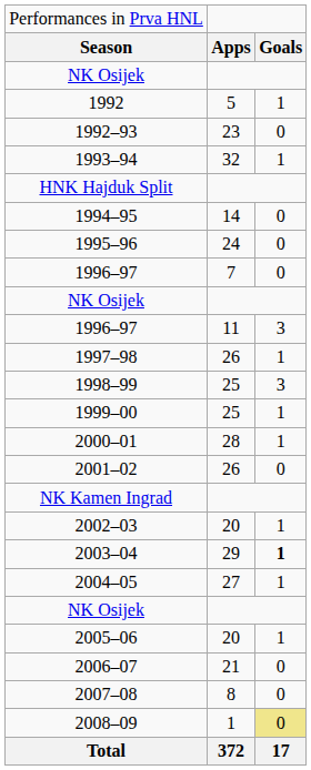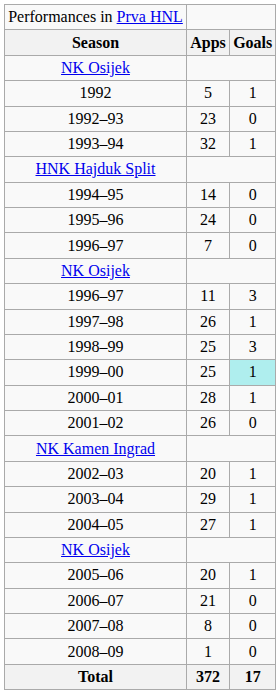 <table class="wikitable" style="text-align:center">
 <tr>
 <td>Performances in <a href='#'>Prva HNL</a></td>
 </tr>
 <tr>
 <th>Season</th>
 <th>Apps</th>
 <th>Goals</th>
 </tr>
 <tr>
 <td><a href='#'>NK Osijek</a></td>
 </tr>
 <tr>
 <td>1992</td>
 <td>5</td>
 <td>1</td>
 </tr>
 <tr>
 <td>1992–93</td>
 <td>23</td>
 <td>0</td>
 </tr>
 <tr>
 <td>1993–94</td>
 <td>32</td>
 <td>1</td>
 </tr>
 <tr>
 <td><a href='#'>HNK Hajduk Split</a></td>
 </tr>
 <tr>
 <td>1994–95</td>
 <td>14</td>
 <td>0</td>
 </tr>
 <tr>
 <td>1995–96</td>
 <td>24</td>
 <td>0</td>
 </tr>
 <tr>
 <td>1996–97</td>
 <td>7</td>
 <td>0</td>
 </tr>
 <tr>
 <td><a href='#'>NK Osijek</a></td>
 </tr>
 <tr>
 <td>1996–97</td>
 <td>11</td>
 <td>3</td>
 </tr>
 <tr>
 <td>1997–98</td>
 <td>26</td>
 <td>1</td>
 </tr>
 <tr>
 <td>1998–99</td>
 <td>25</td>
 <td>3</td>
 </tr>
 <tr>
 <td>1999–00</td>
 <td>25</td>
-<td>1</td>
+<td style="background: paleturquoise;">1</td>
 </tr>
 <tr>
 <td>2000–01</td>
 <td>28</td>
 <td>1</td>
 </tr>
 <tr>
 <td>2001–02</td>
 <td>26</td>
 <td>0</td>
 </tr>
 <tr>
 <td><a href='#'>NK Kamen Ingrad</a></td>
 </tr>
 <tr>
 <td>2002–03</td>
 <td>20</td>
 <td>1</td>
 </tr>
 <tr>
 <td>2003–04</td>
 <td>29</td>
-<td><strong>1</strong></td>
+<td>1</td>
 </tr>
 <tr>
 <td>2004–05</td>
 <td>27</td>
 <td>1</td>
 </tr>
 <tr>
 <td><a href='#'>NK Osijek</a></td>
 </tr>
 <tr>
 <td>2005–06</td>
 <td>20</td>
 <td>1</td>
 </tr>
 <tr>
 <td>2006–07</td>
 <td>21</td>
 <td>0</td>
 </tr>
 <tr>
 <td>2007–08</td>
 <td>8</td>
 <td>0</td>
 </tr>
 <tr>
 <td>2008–09</td>
 <td>1</td>
-<td style="background: khaki;">0</td>
+<td>0</td>
 </tr>
 <tr>
 <th>Total</th>
 <th>372</th>
 <th>17</th>
 </tr>
 </table>
